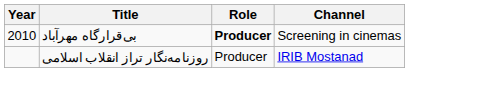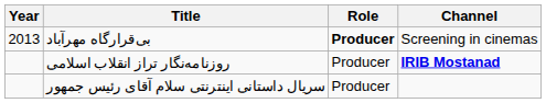 <table class="wikitable">
 <tr>
 <th>Year</th>
 <th>Title</th>
 <th>Role</th>
 <th>Channel</th>
 </tr>
 <tr>
-<td>2010</td>
+<td>2013</td>
 <td> بی‌قرارگاه مهرآباد</td>
 <td><strong>Producer</strong></td>
 <td>Screening in cinemas</td>
 </tr>
 <tr>
 <td></td>
 <td> روزنامه‌نگار تراز انقلاب اسلامی</td>
 <td>Producer</td>
-<td><a href='#'>IRIB Mostanad</a></td>
+<td><strong><a href='#'>IRIB Mostanad</a></strong></td>
+</tr>
+<tr>
+<td></td>
+<td>سریال داستانی اینترنتی سلام آقای رئیس جمهور</td>
+<td>Producer</td>
+<td></td>
 </tr>
 </table>
